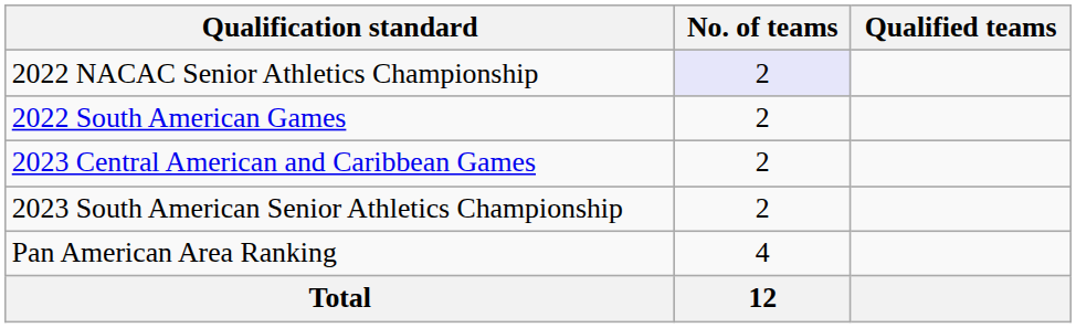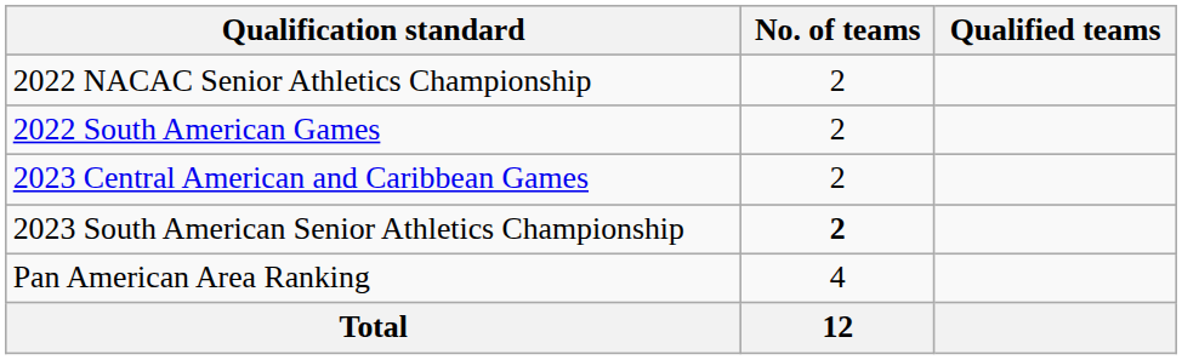 <table class="wikitable" style="text-align:left; width:600px;">
 <tr>
 <th>Qualification standard</th>
 <th>No. of teams</th>
 <th>Qualified teams</th>
 </tr>
 <tr>
 <td>2022 NACAC Senior Athletics Championship</td>
-<td align=center style="background: lavender;">2</td>
+<td align=center>2</td>
 <td><br></td>
 </tr>
 <tr>
 <td><a href='#'>2022 South American Games</a></td>
 <td align=center>2</td>
 <td><br></td>
 </tr>
 <tr>
 <td><a href='#'>2023 Central American and Caribbean Games</a></td>
 <td align=center>2</td>
 <td><br></td>
 </tr>
 <tr>
 <td>2023 South American Senior Athletics Championship</td>
-<td align=center>2</td>
+<td align=center><strong>2</strong></td>
 <td></td>
 </tr>
 <tr>
 <td>Pan American Area Ranking</td>
 <td align=center>4</td>
 <td></td>
 </tr>
 <tr>
 <th>Total</th>
 <th>12</th>
 <th colspan=2></th>
 </tr>
 </table>
